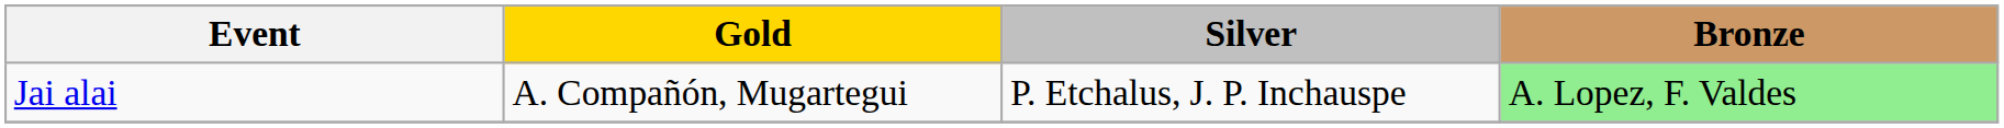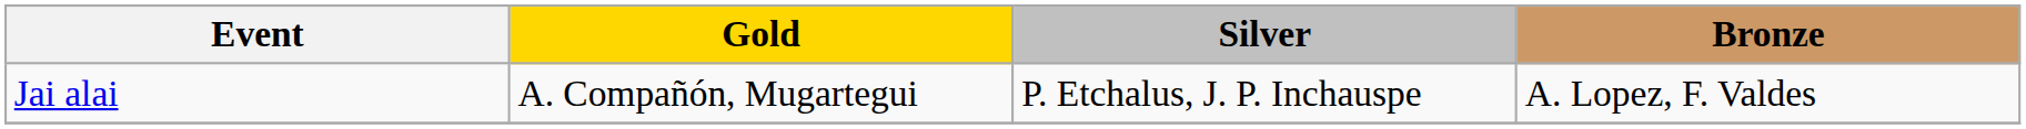 <table class="wikitable" style="max-width: 23cm; width: 100%">
 <tr>
 <th scope="col">Event</th>
 <th scope="col" style="background-color:gold; width:25%">Gold</th>
 <th scope="col" style="background-color:silver; width:25%; width:25%">Silver</th>
 <th scope="col" style="background-color:#cc9966; width:25%">Bronze</th>
 </tr>
 <tr>
 <td><a href='#'>Jai alai</a></td>
 <td> A. Compañón, Mugartegui</td>
 <td> P. Etchalus, J. P. Inchauspe</td>
-<td style="background: lightgreen;"> A. Lopez, F. Valdes</td>
+<td> A. Lopez, F. Valdes</td>
 </tr>
 <tr>
 </tr>
 </table>
